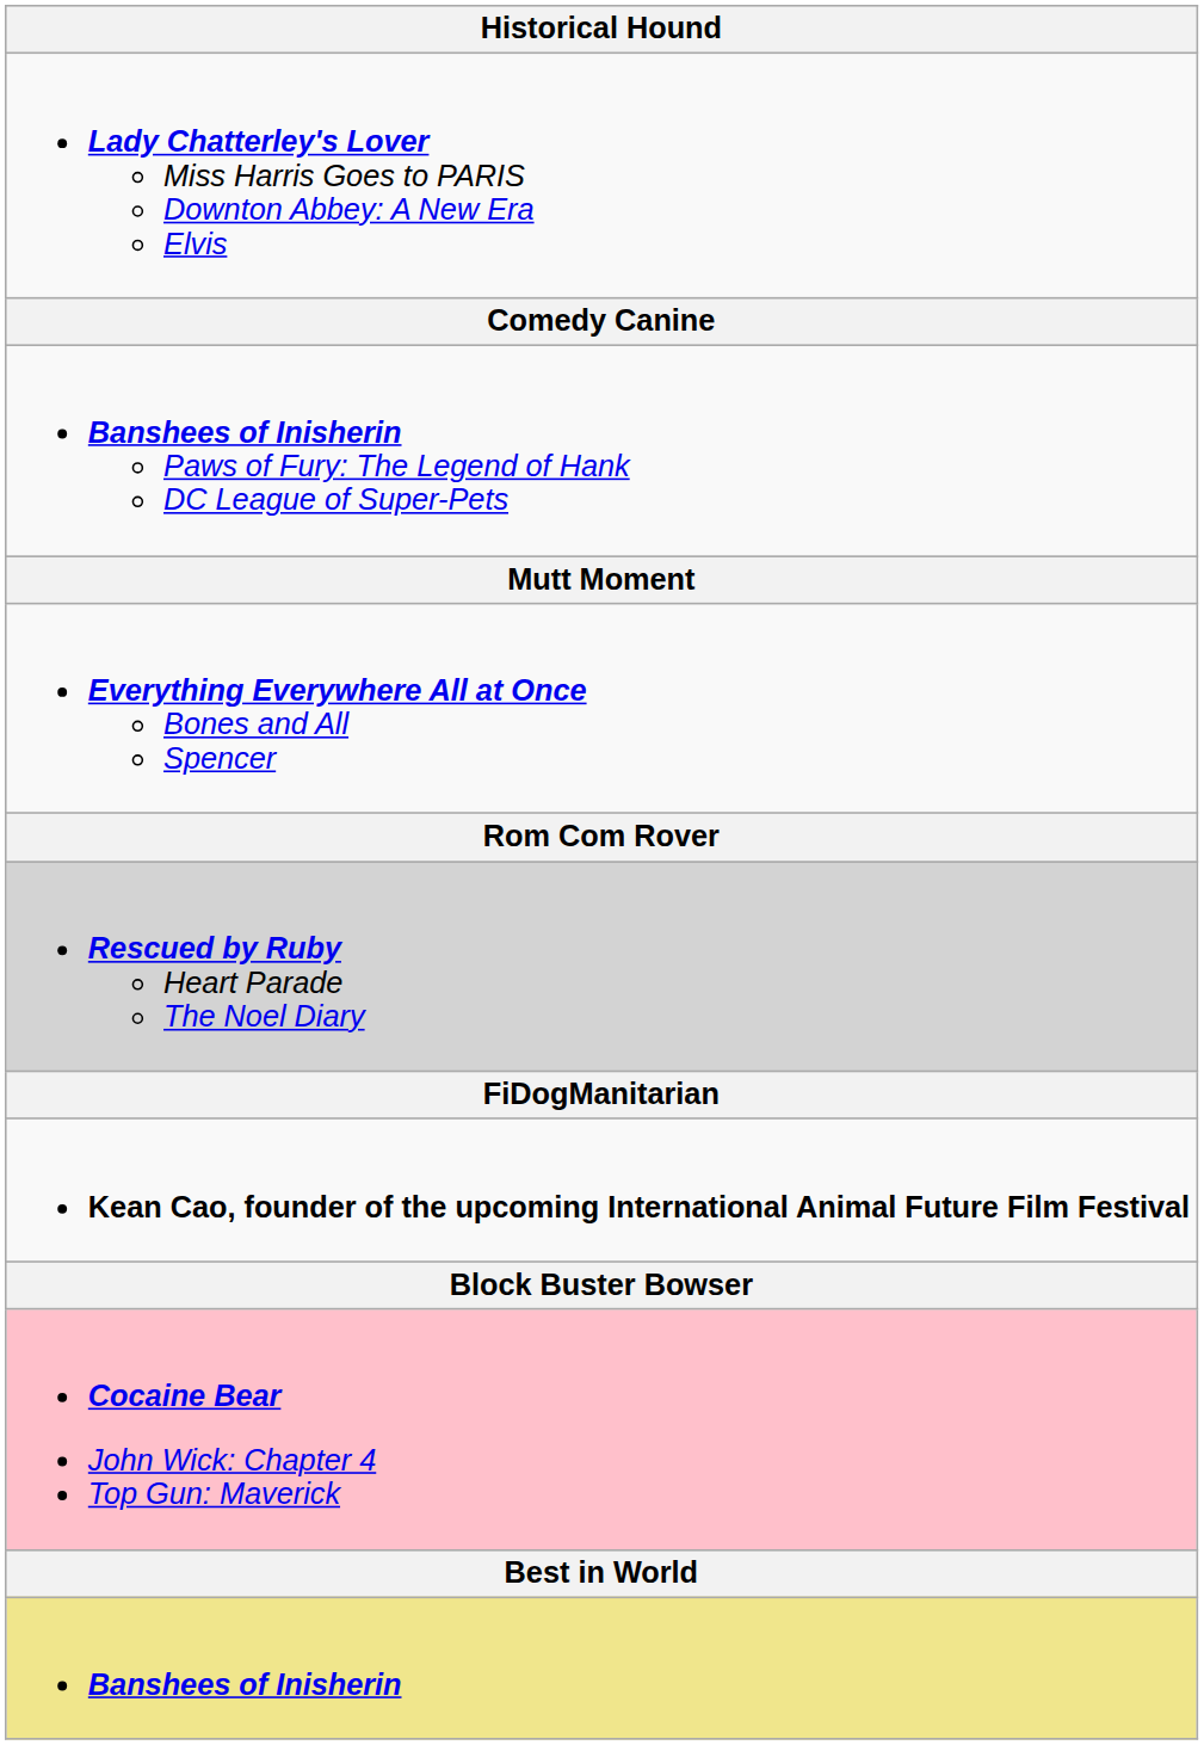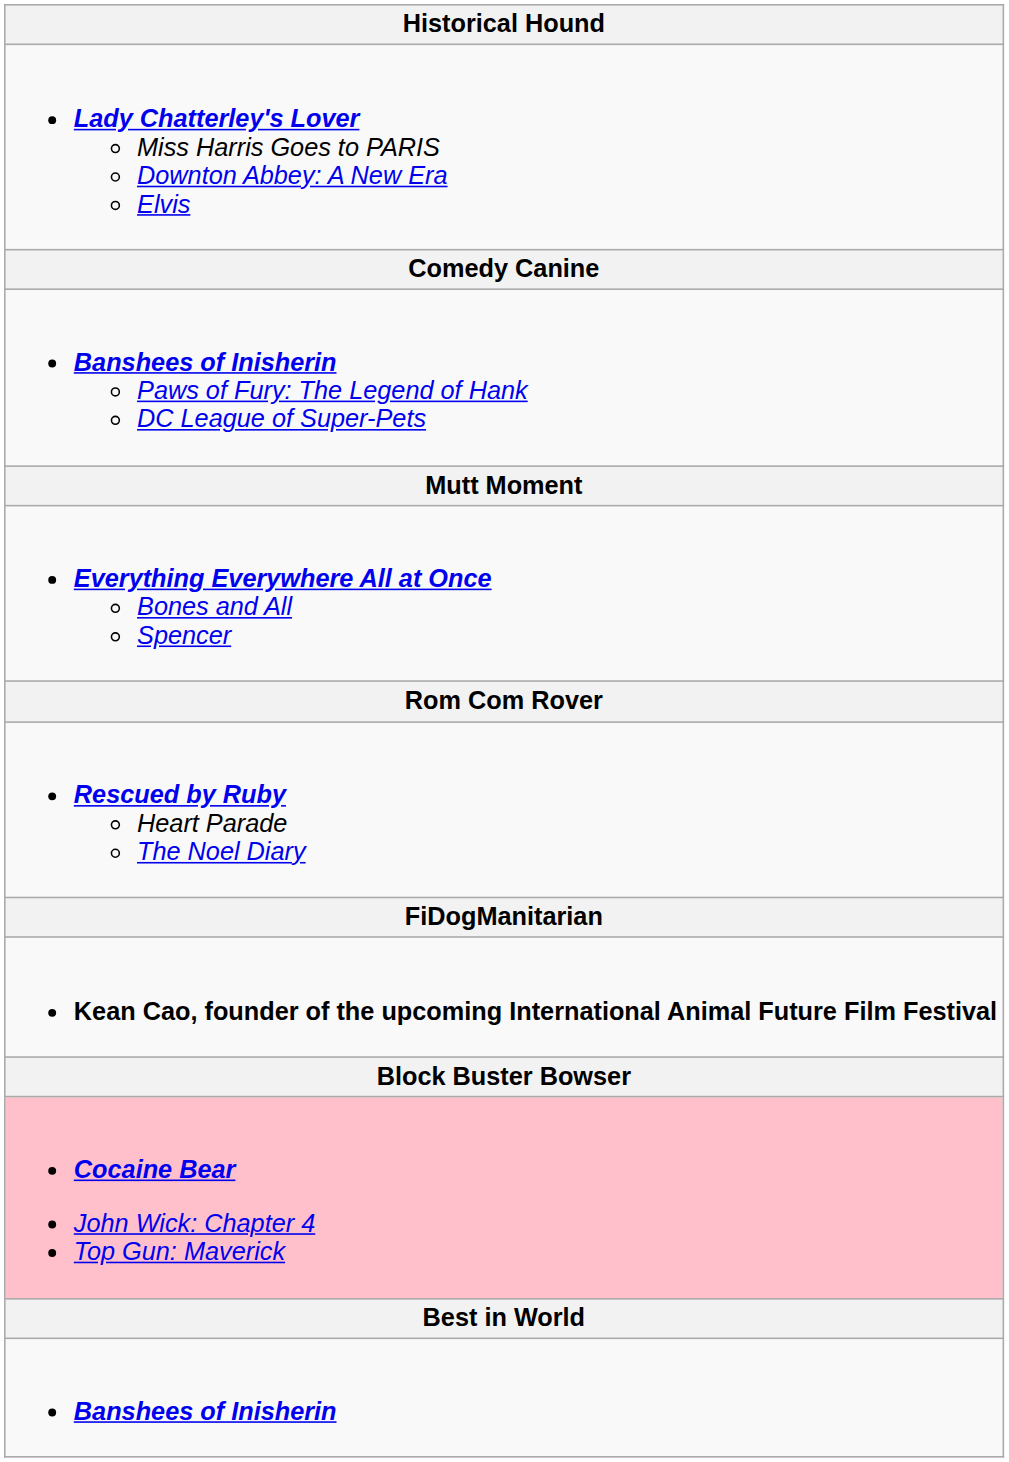 <table class="wikitable">
 <tr>
 <th><strong>Historical Hound</strong></th>
 </tr>
 <tr>
 <td><br><ul><li><strong><a href='#'><em>Lady Chatterley's Lover</em></a></strong><ul><li><em>Miss Harris Goes to PARIS</em></li><li><em><a href='#'>Downton Abbey: A New Era</a></em></li><li><a href='#'><em>Elvis</em></a></li></ul></li></ul></td>
 </tr>
 <tr>
 <th>Comedy Canine</th>
 </tr>
 <tr>
 <td><br><ul><li><strong><a href='#'><em>Banshees of Inisherin</em></a></strong><ul><li><em><a href='#'>Paws of Fury: The Legend of Hank</a></em></li><li><em><a href='#'>DC League of Super-Pets</a></em></li></ul></li></ul></td>
 </tr>
 <tr>
 <th>Mutt Moment</th>
 </tr>
 <tr>
 <td><br><ul><li><strong><em><a href='#'>Everything Everywhere All at Once</a></em></strong><ul><li><em><a href='#'>Bones and All</a></em></li><li><a href='#'><em>Spencer</em></a></li></ul></li></ul></td>
 </tr>
 <tr>
 <th>Rom Com Rover</th>
 </tr>
 <tr>
-<td style="background: lightgrey;"><br><ul><li><strong><em><a href='#'>Rescued by Ruby</a></em></strong><ul><li><em>Heart Parade</em></li><li><em><a href='#'>The Noel Diary</a></em></li></ul></li></ul></td>
+<td><br><ul><li><strong><em><a href='#'>Rescued by Ruby</a></em></strong><ul><li><em>Heart Parade</em></li><li><em><a href='#'>The Noel Diary</a></em></li></ul></li></ul></td>
 </tr>
 <tr>
 <th>FiDogManitarian</th>
 </tr>
 <tr>
 <td><br><ul><li><strong>Kean Cao, founder of the upcoming International Animal Future Film Festival</strong></li></ul></td>
 </tr>
 <tr>
 <th>Block Buster Bowser</th>
 </tr>
 <tr>
 <td style="background: pink;"><br><ul><li><strong><em><a href='#'>Cocaine Bear</a></em></strong></li></ul><ul><li><em><a href='#'>John Wick: Chapter 4</a></em></li><li><em><a href='#'>Top Gun: Maverick</a></em></li></ul></td>
 </tr>
 <tr>
 <th>Best in World</th>
 </tr>
 <tr>
-<td style="background: khaki;"><br><ul><li><strong><a href='#'><em>Banshees of Inisherin</em></a></strong></li></ul></td>
+<td><br><ul><li><strong><a href='#'><em>Banshees of Inisherin</em></a></strong></li></ul></td>
 </tr>
 </table>
